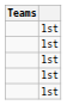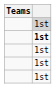 <table class="wikitable">
 <tr>
 <th>Teams</th>
 <th></th>
 </tr>
 <tr>
 <td></td>
-<td>1st</td>
+<td style="background: lightgrey;">1st</td>
 </tr>
 <tr>
 <td></td>
-<td>1st</td>
+<td><strong>1st</strong></td>
 </tr>
 <tr>
 <td></td>
 <td>1st</td>
 </tr>
 <tr>
 <td></td>
 <td>1st</td>
 </tr>
 <tr>
 <td></td>
 <td>1st</td>
 </tr>
 </table>
